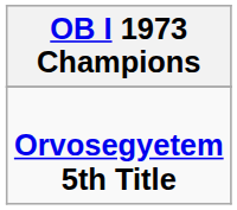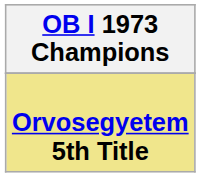 <table class="wikitable" style="text-align: center; margin: 0 auto;">
 <tr>
 <th><a href='#'>OB I</a> 1973<br>Champions</th>
 </tr>
 <tr>
 </tr>
 <tr>
-<td> <br><strong><a href='#'>Orvosegyetem</a></strong><br><strong>5th Title</strong></td>
+<td style="background: khaki;"> <br><strong><a href='#'>Orvosegyetem</a></strong><br><strong>5th Title</strong></td>
 </tr>
 </table>
